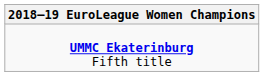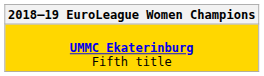 <table class=wikitable style="text-align:center; margin:auto">
 <tr>
 <th>2018–19 EuroLeague Women Champions</th>
 </tr>
 <tr>
-<td> <br><strong><a href='#'>UMMC Ekaterinburg</a></strong><br>Fifth title</td>
+<td style="background: gold;"> <br><strong><a href='#'>UMMC Ekaterinburg</a></strong><br>Fifth title</td>
 </tr>
 </table>
